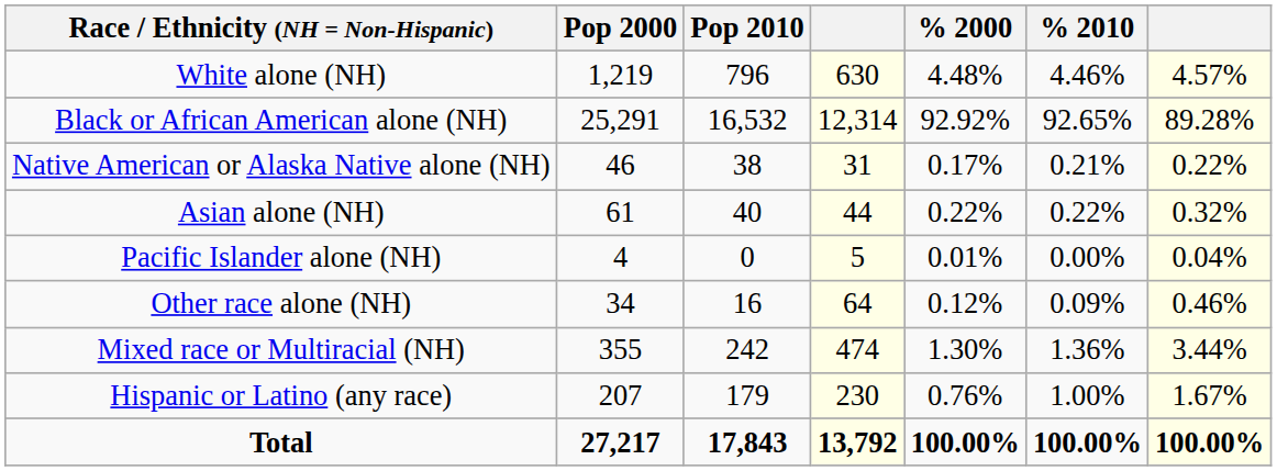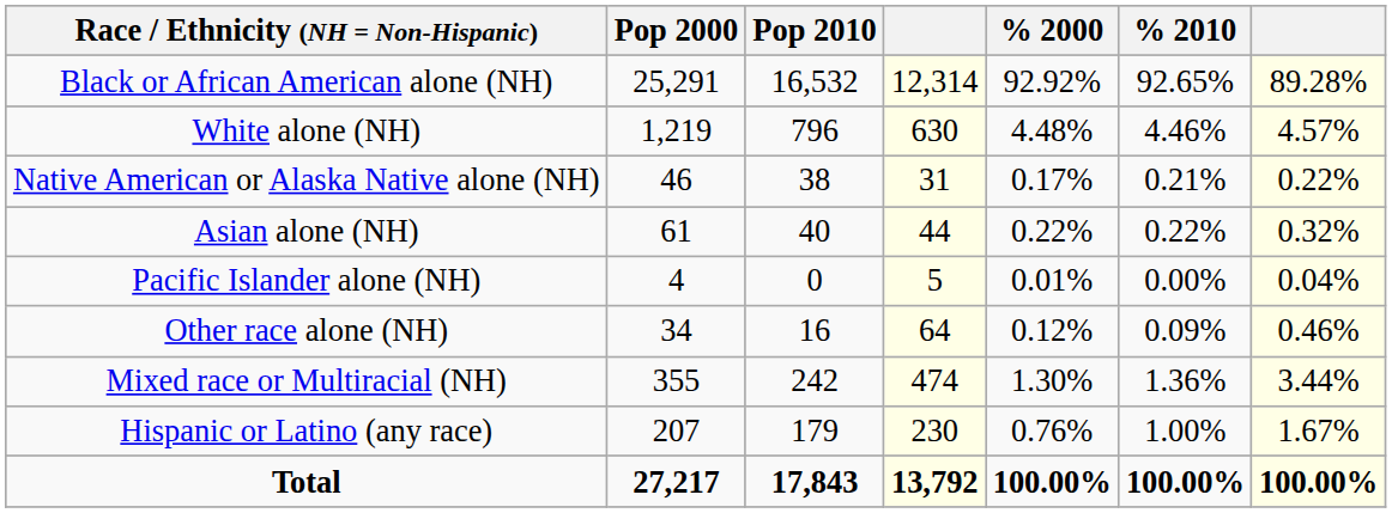 <table class="wikitable" style="text-align:center;">
 <tr>
 <th>Race / Ethnicity <small>(<em>NH = Non-Hispanic</em>)</small></th>
 <th>Pop 2000</th>
 <th>Pop 2010</th>
 <th></th>
 <th>% 2000</th>
 <th>% 2010</th>
 <th></th>
 </tr>
 <tr>
+<td><a href='#'>Black or African American</a> alone (NH)</td>
+<td>25,291</td>
+<td>16,532</td>
+<td style='background: #ffffe6;'>12,314</td>
+<td>92.92%</td>
+<td>92.65%</td>
+<td style='background: #ffffe6;'>89.28%</td>
+</tr>
+<tr>
 <td><a href='#'>White</a> alone (NH)</td>
 <td>1,219</td>
 <td>796</td>
 <td style='background: #ffffe6;'>630</td>
 <td>4.48%</td>
 <td>4.46%</td>
 <td style='background: #ffffe6;'>4.57%</td>
-</tr>
-<tr>
-<td><a href='#'>Black or African American</a> alone (NH)</td>
-<td>25,291</td>
-<td>16,532</td>
-<td style='background: #ffffe6;'>12,314</td>
-<td>92.92%</td>
-<td>92.65%</td>
-<td style='background: #ffffe6;'>89.28%</td>
 </tr>
 <tr>
 <td><a href='#'>Native American</a> or <a href='#'>Alaska Native</a> alone (NH)</td>
 <td>46</td>
 <td>38</td>
 <td style='background: #ffffe6;'>31</td>
 <td>0.17%</td>
 <td>0.21%</td>
 <td style='background: #ffffe6;'>0.22%</td>
 </tr>
 <tr>
 <td><a href='#'>Asian</a> alone (NH)</td>
 <td>61</td>
 <td>40</td>
 <td style='background: #ffffe6;'>44</td>
 <td>0.22%</td>
 <td>0.22%</td>
 <td style='background: #ffffe6;'>0.32%</td>
 </tr>
 <tr>
 <td><a href='#'>Pacific Islander</a> alone (NH)</td>
 <td>4</td>
 <td>0</td>
 <td style='background: #ffffe6;'>5</td>
 <td>0.01%</td>
 <td>0.00%</td>
 <td style='background: #ffffe6;'>0.04%</td>
 </tr>
 <tr>
 <td><a href='#'>Other race</a> alone (NH)</td>
 <td>34</td>
 <td>16</td>
 <td style='background: #ffffe6;'>64</td>
 <td>0.12%</td>
 <td>0.09%</td>
 <td style='background: #ffffe6;'>0.46%</td>
 </tr>
 <tr>
 <td><a href='#'>Mixed race or Multiracial</a> (NH)</td>
 <td>355</td>
 <td>242</td>
 <td style='background: #ffffe6;'>474</td>
 <td>1.30%</td>
 <td>1.36%</td>
 <td style='background: #ffffe6;'>3.44%</td>
 </tr>
 <tr>
 <td><a href='#'>Hispanic or Latino</a> (any race)</td>
 <td>207</td>
 <td>179</td>
 <td style='background: #ffffe6;'>230</td>
 <td>0.76%</td>
 <td>1.00%</td>
 <td style='background: #ffffe6;'>1.67%</td>
 </tr>
 <tr>
 <td><strong>Total</strong></td>
 <td><strong>27,217</strong></td>
 <td><strong>17,843</strong></td>
 <td style='background: #ffffe6;'><strong>13,792</strong></td>
 <td><strong>100.00%</strong></td>
 <td><strong>100.00%</strong></td>
 <td style='background: #ffffe6;'><strong>100.00%</strong></td>
 </tr>
 </table>
